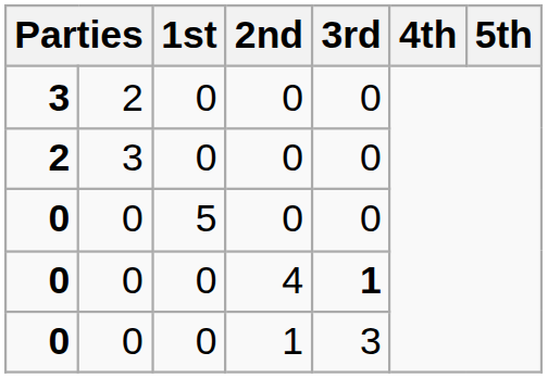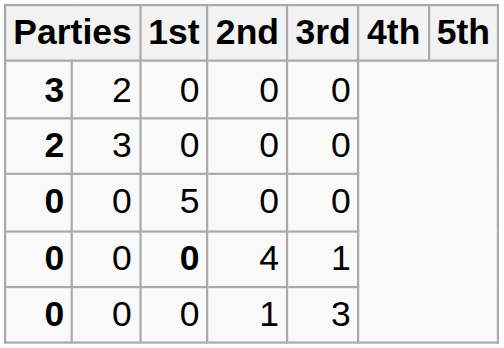 <table class="wikitable" style="text-align:right;">
 <tr>
 <th colspan=2 style="text-align:left;">Parties</th>
 <th>1st</th>
 <th>2nd</th>
 <th>3rd</th>
 <th>4th</th>
 <th>5th</th>
 </tr>
 <tr>
 <td><strong>3</strong></td>
 <td>2</td>
 <td>0</td>
 <td>0</td>
 <td>0</td>
 </tr>
 <tr>
 <td><strong>2</strong></td>
 <td>3</td>
 <td>0</td>
 <td>0</td>
 <td>0</td>
 </tr>
 <tr>
 <td><strong>0</strong></td>
 <td>0</td>
 <td>5</td>
 <td>0</td>
 <td>0</td>
 </tr>
 <tr>
 <td><strong>0</strong></td>
 <td>0</td>
-<td>0</td>
+<td><strong>0</strong></td>
 <td>4</td>
-<td><strong>1</strong></td>
+<td>1</td>
 </tr>
 <tr>
 <td><strong>0</strong></td>
 <td>0</td>
 <td>0</td>
 <td>1</td>
 <td>3</td>
 </tr>
 </table>
